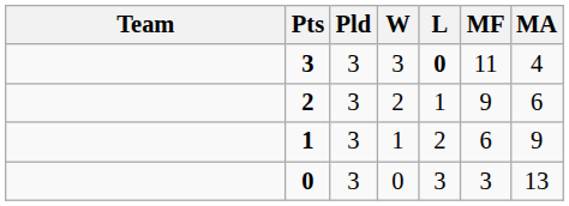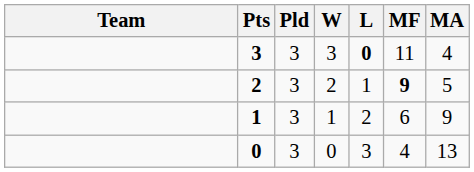 <table class=wikitable style="text-align:center">
 <tr>
 <th width=175>Team</th>
 <th width=20>Pts</th>
 <th width=20>Pld</th>
 <th width=20>W</th>
 <th width=20>L</th>
 <th width=20>MF</th>
 <th width=20>MA</th>
 </tr>
 <tr>
 <td style="text-align:left"></td>
 <td><strong>3</strong></td>
 <td>3</td>
 <td>3</td>
 <td><strong>0</strong></td>
 <td>11</td>
 <td>4</td>
 </tr>
 <tr>
 <td style="text-align:left"></td>
 <td><strong>2</strong></td>
 <td>3</td>
 <td>2</td>
 <td>1</td>
-<td>9</td>
-<td>6</td>
+<td><strong>9</strong></td>
+<td>5</td>
 </tr>
 <tr>
 <td style="text-align:left"></td>
 <td><strong>1</strong></td>
 <td>3</td>
 <td>1</td>
 <td>2</td>
 <td>6</td>
 <td>9</td>
 </tr>
 <tr>
 <td style="text-align:left"></td>
 <td><strong>0</strong></td>
 <td>3</td>
 <td>0</td>
 <td>3</td>
-<td>3</td>
+<td>4</td>
 <td>13</td>
 </tr>
 </table>
